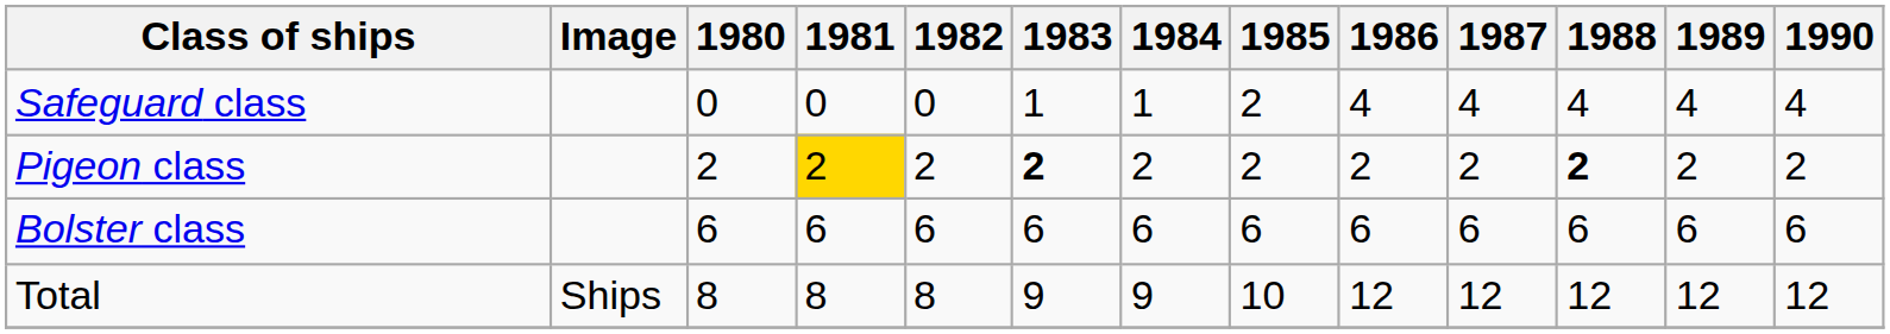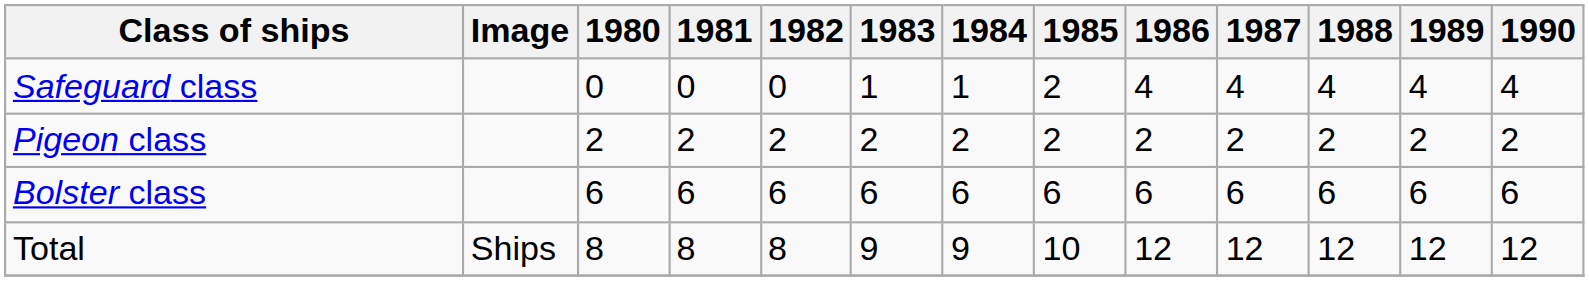 <table class="wikitable sortable collapsible collapsed">
 <tr>
 <th style="width:29%;">Class of ships</th>
 <th>Image</th>
 <th>1980</th>
 <th>1981</th>
 <th>1982</th>
 <th>1983</th>
 <th>1984</th>
 <th>1985</th>
 <th>1986</th>
 <th>1987</th>
 <th>1988</th>
 <th>1989</th>
 <th>1990</th>
 </tr>
 <tr valign="top">
 <td><a href='#'><em>Safeguard</em> class</a></td>
 <td></td>
 <td>0</td>
 <td>0</td>
 <td>0</td>
 <td>1</td>
 <td>1</td>
 <td>2</td>
 <td>4</td>
 <td>4</td>
 <td>4</td>
 <td>4</td>
 <td>4</td>
 </tr>
 <tr valign="top">
 <td><a href='#'><em>Pigeon</em> class</a></td>
 <td></td>
 <td>2</td>
-<td style="background: gold;">2</td>
-<td>2</td>
-<td><strong>2</strong></td>
 <td>2</td>
 <td>2</td>
 <td>2</td>
 <td>2</td>
-<td><strong>2</strong></td>
+<td>2</td>
+<td>2</td>
+<td>2</td>
+<td>2</td>
 <td>2</td>
 <td>2</td>
 </tr>
 <tr valign="top">
 <td><a href='#'><em>Bolster</em> class</a></td>
 <td></td>
 <td>6</td>
 <td>6</td>
 <td>6</td>
 <td>6</td>
 <td>6</td>
 <td>6</td>
 <td>6</td>
 <td>6</td>
 <td>6</td>
 <td>6</td>
 <td>6</td>
 </tr>
 <tr valign="top">
 <td>Total</td>
 <td>Ships</td>
 <td>8</td>
 <td>8</td>
 <td>8</td>
 <td>9</td>
 <td>9</td>
 <td>10</td>
 <td>12</td>
 <td>12</td>
 <td>12</td>
 <td>12</td>
 <td>12</td>
 </tr>
 <tr>
 </tr>
 </table>
